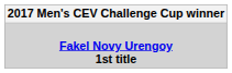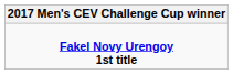 <table class=wikitable style="text-align:center; margin:auto">
 <tr>
 <th>2017 Men's CEV Challenge Cup winner</th>
 </tr>
 <tr>
-<td style="background: lightgrey;"><br><strong><a href='#'>Fakel Novy Urengoy</a></strong><br> <strong>1st title</strong></td>
+<td><br><strong><a href='#'>Fakel Novy Urengoy</a></strong><br> <strong>1st title</strong></td>
 </tr>
 </table>
